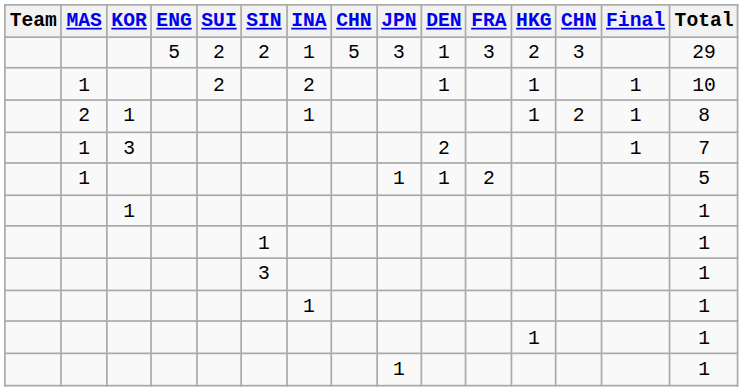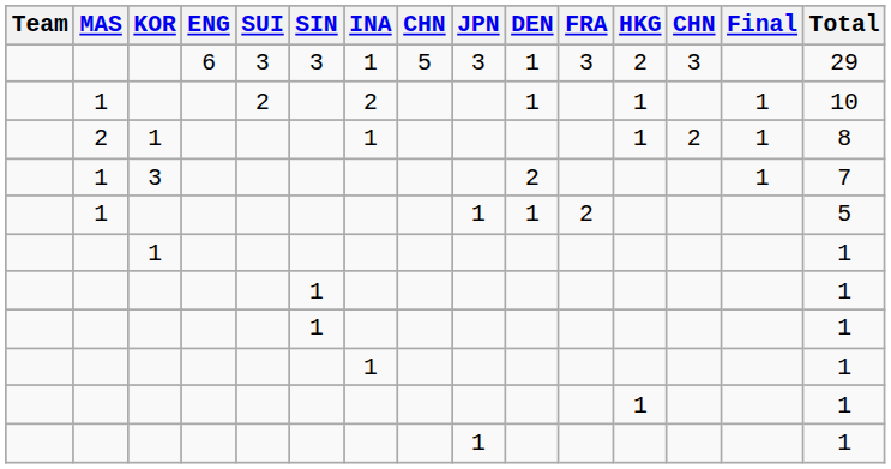 <table class=wikitable style="font-size:89%; text-align:center">
 <tr>
 <th>Team</th>
 <th><a href='#'>MAS</a></th>
 <th><a href='#'>KOR</a></th>
 <th><a href='#'>ENG</a></th>
 <th><a href='#'>SUI</a></th>
 <th><a href='#'>SIN</a></th>
 <th><a href='#'>INA</a></th>
 <th><a href='#'>CHN</a></th>
 <th><a href='#'>JPN</a></th>
 <th><a href='#'>DEN</a></th>
 <th><a href='#'>FRA</a></th>
 <th><a href='#'>HKG</a></th>
 <th><a href='#'>CHN</a></th>
 <th><a href='#'>Final</a></th>
 <th>Total</th>
 </tr>
 <tr>
 <td align=left></td>
 <td></td>
 <td></td>
-<td>5</td>
-<td>2</td>
-<td>2</td>
+<td>6</td>
+<td>3</td>
+<td>3</td>
 <td>1</td>
 <td>5</td>
 <td>3</td>
 <td>1</td>
 <td>3</td>
 <td>2</td>
 <td>3</td>
 <td></td>
 <td>29</td>
 </tr>
 <tr>
 <td align=left></td>
 <td>1</td>
 <td></td>
 <td></td>
 <td>2</td>
 <td></td>
 <td>2</td>
 <td></td>
 <td></td>
 <td>1</td>
 <td></td>
 <td>1</td>
 <td></td>
 <td>1</td>
 <td>10</td>
 </tr>
 <tr>
 <td align=left></td>
 <td>2</td>
 <td>1</td>
 <td></td>
 <td></td>
 <td></td>
 <td>1</td>
 <td></td>
 <td></td>
 <td></td>
 <td></td>
 <td>1</td>
 <td>2</td>
 <td>1</td>
 <td>8</td>
 </tr>
 <tr>
 <td align=left></td>
 <td>1</td>
 <td>3</td>
 <td></td>
 <td></td>
 <td></td>
 <td></td>
 <td></td>
 <td></td>
 <td>2</td>
 <td></td>
 <td></td>
 <td></td>
 <td>1</td>
 <td>7</td>
 </tr>
 <tr>
 <td align=left></td>
 <td>1</td>
 <td></td>
 <td></td>
 <td></td>
 <td></td>
 <td></td>
 <td></td>
 <td>1</td>
 <td>1</td>
 <td>2</td>
 <td></td>
 <td></td>
 <td></td>
 <td>5</td>
 </tr>
 <tr>
 <td align=left></td>
 <td></td>
 <td>1</td>
 <td></td>
 <td></td>
 <td></td>
 <td></td>
 <td></td>
 <td></td>
 <td></td>
 <td></td>
 <td></td>
 <td></td>
 <td></td>
 <td>1</td>
 </tr>
 <tr>
 <td align=left></td>
 <td></td>
 <td></td>
 <td></td>
 <td></td>
 <td>1</td>
 <td></td>
 <td></td>
 <td></td>
 <td></td>
 <td></td>
 <td></td>
 <td></td>
 <td></td>
 <td>1</td>
 </tr>
 <tr>
 <td align=left></td>
 <td></td>
 <td></td>
 <td></td>
 <td></td>
-<td>3</td>
+<td>1</td>
 <td></td>
 <td></td>
 <td></td>
 <td></td>
 <td></td>
 <td></td>
 <td></td>
 <td></td>
 <td>1</td>
 </tr>
 <tr>
 <td align=left></td>
 <td></td>
 <td></td>
 <td></td>
 <td></td>
 <td></td>
 <td>1</td>
 <td></td>
 <td></td>
 <td></td>
 <td></td>
 <td></td>
 <td></td>
 <td></td>
 <td>1</td>
 </tr>
 <tr>
 <td align=left></td>
 <td></td>
 <td></td>
 <td></td>
 <td></td>
 <td></td>
 <td></td>
 <td></td>
 <td></td>
 <td></td>
 <td></td>
 <td>1</td>
 <td></td>
 <td></td>
 <td>1</td>
 </tr>
 <tr>
 <td align=left></td>
 <td></td>
 <td></td>
 <td></td>
 <td></td>
 <td></td>
 <td></td>
 <td></td>
 <td>1</td>
 <td></td>
 <td></td>
 <td></td>
 <td></td>
 <td></td>
 <td>1</td>
 </tr>
 </table>
